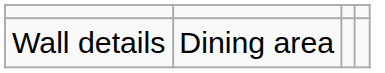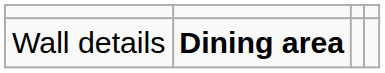 <table class="wikitable" style="text-align:center">
 <tr>
 <td></td>
 <td></td>
 <td></td>
 <td></td>
 </tr>
 <tr>
 <td>Wall details</td>
-<td>Dining area</td>
+<td><strong>Dining area</strong></td>
 <td></td>
 <td></td>
 </tr>
 </table>
